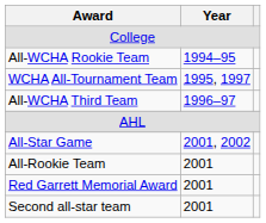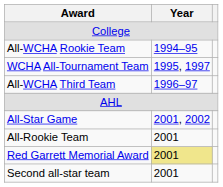 <table class="wikitable">
 <tr>
 <th>Award</th>
 <th>Year</th>
 <th></th>
 </tr>
 <tr ALIGN="center" bgcolor="#e0e0e0">
 <td colspan="3"><a href='#'>College</a></td>
 </tr>
 <tr>
 <td>All-<a href='#'>WCHA</a> <a href='#'>Rookie Team</a></td>
 <td><a href='#'>1994–95</a></td>
 <td></td>
 </tr>
 <tr>
 <td><a href='#'>WCHA</a> <a href='#'>All-Tournament Team</a></td>
 <td><a href='#'>1995</a>, <a href='#'>1997</a></td>
 <td></td>
 </tr>
 <tr>
 <td>All-<a href='#'>WCHA</a> <a href='#'>Third Team</a></td>
 <td><a href='#'>1996–97</a></td>
 <td></td>
 </tr>
 <tr ALIGN="center" bgcolor="#e0e0e0">
 <td colspan="3"><a href='#'>AHL</a></td>
 </tr>
 <tr>
 <td><a href='#'>All-Star Game</a></td>
 <td><a href='#'>2001</a>, <a href='#'>2002</a></td>
 <td></td>
 </tr>
 <tr>
 <td>All-Rookie Team</td>
 <td>2001</td>
 <td></td>
 </tr>
 <tr>
 <td><a href='#'>Red Garrett Memorial Award</a></td>
-<td>2001</td>
+<td style="background: khaki;">2001</td>
 <td></td>
 </tr>
 <tr>
 <td>Second all-star team</td>
 <td>2001</td>
 <td></td>
 </tr>
 </table>
